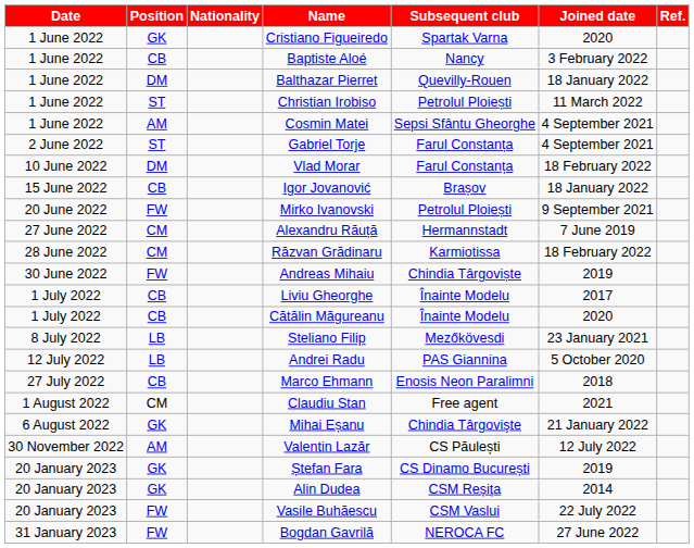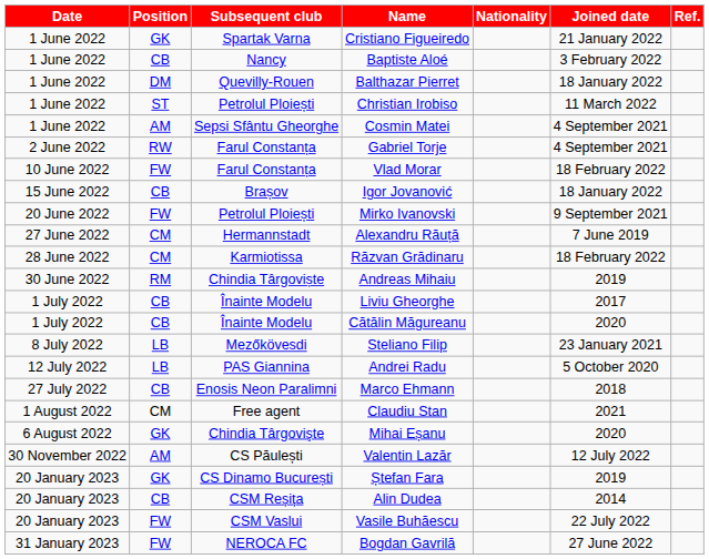 <table class="wikitable"  style="text-align:center; font-size:90%; ">
 <tr>
 <th style="background:red;color:white;">Date</th>
 <th style="background:red;color:white;">Position</th>
+<th style="background:red;color:white;">Subsequent club</th>
+<th style="background:red;color:white;">Name</th>
 <th style="background:red;color:white;">Nationality</th>
-<th style="background:red;color:white;">Name</th>
-<th style="background:red;color:white;">Subsequent club</th>
 <th style="background:red;color:white;">Joined date</th>
 <th style="background:red;color:white;">Ref.</th>
 </tr>
 <tr>
 <td>1 June 2022</td>
 <td><a href='#'>GK</a></td>
+<td><a href='#'>Spartak Varna</a></td>
+<td><a href='#'>Cristiano Figueiredo</a></td>
 <td></td>
-<td><a href='#'>Cristiano Figueiredo</a></td>
-<td><a href='#'>Spartak Varna</a></td>
-<td>2020</td>
+<td>21 January 2022</td>
 <td></td>
 </tr>
 <tr>
 <td>1 June 2022</td>
 <td><a href='#'>CB</a></td>
+<td><a href='#'>Nancy</a></td>
+<td><a href='#'>Baptiste Aloé</a></td>
 <td></td>
-<td><a href='#'>Baptiste Aloé</a></td>
-<td><a href='#'>Nancy</a></td>
 <td>3 February 2022</td>
 <td></td>
 </tr>
 <tr>
 <td>1 June 2022</td>
 <td><a href='#'>DM</a></td>
+<td><a href='#'>Quevilly-Rouen</a></td>
+<td><a href='#'>Balthazar Pierret</a></td>
 <td></td>
-<td><a href='#'>Balthazar Pierret</a></td>
-<td><a href='#'>Quevilly-Rouen</a></td>
 <td>18 January 2022</td>
 <td></td>
 </tr>
 <tr>
 <td>1 June 2022</td>
 <td><a href='#'>ST</a></td>
+<td><a href='#'>Petrolul Ploiești</a></td>
+<td><a href='#'>Christian Irobiso</a></td>
 <td></td>
-<td><a href='#'>Christian Irobiso</a></td>
-<td><a href='#'>Petrolul Ploiești</a></td>
 <td>11 March 2022</td>
 <td></td>
 </tr>
 <tr>
 <td>1 June 2022</td>
 <td><a href='#'>AM</a></td>
+<td><a href='#'>Sepsi Sfântu Gheorghe</a></td>
+<td><a href='#'>Cosmin Matei</a></td>
 <td></td>
-<td><a href='#'>Cosmin Matei</a></td>
-<td><a href='#'>Sepsi Sfântu Gheorghe</a></td>
 <td>4 September 2021</td>
 <td></td>
 </tr>
 <tr>
 <td>2 June 2022</td>
-<td><a href='#'>ST</a></td>
+<td><a href='#'>RW</a></td>
+<td><a href='#'>Farul Constanța</a></td>
+<td><a href='#'>Gabriel Torje</a></td>
 <td></td>
-<td><a href='#'>Gabriel Torje</a></td>
-<td><a href='#'>Farul Constanța</a></td>
 <td>4 September 2021</td>
 <td></td>
 </tr>
 <tr>
 <td>10 June 2022</td>
-<td><a href='#'>DM</a></td>
+<td><a href='#'>FW</a></td>
+<td><a href='#'>Farul Constanța</a></td>
+<td><a href='#'>Vlad Morar</a></td>
 <td></td>
-<td><a href='#'>Vlad Morar</a></td>
-<td><a href='#'>Farul Constanța</a></td>
 <td>18 February 2022</td>
 <td></td>
 </tr>
 <tr>
 <td>15 June 2022</td>
 <td><a href='#'>CB</a></td>
+<td><a href='#'>Brașov</a></td>
+<td><a href='#'>Igor Jovanović</a></td>
 <td></td>
-<td><a href='#'>Igor Jovanović</a></td>
-<td><a href='#'>Brașov</a></td>
 <td>18 January 2022</td>
 <td></td>
 </tr>
 <tr>
 <td>20 June 2022</td>
 <td><a href='#'>FW</a></td>
+<td><a href='#'>Petrolul Ploiești</a></td>
+<td><a href='#'>Mirko Ivanovski</a></td>
 <td></td>
-<td><a href='#'>Mirko Ivanovski</a></td>
-<td><a href='#'>Petrolul Ploiești</a></td>
 <td>9 September 2021</td>
 <td></td>
 </tr>
 <tr>
 <td>27 June 2022</td>
 <td><a href='#'>CM</a></td>
+<td><a href='#'>Hermannstadt</a></td>
+<td><a href='#'>Alexandru Răuță</a></td>
 <td></td>
-<td><a href='#'>Alexandru Răuță</a></td>
-<td><a href='#'>Hermannstadt</a></td>
 <td>7 June 2019</td>
 <td></td>
 </tr>
 <tr>
 <td>28 June 2022</td>
 <td><a href='#'>CM</a></td>
+<td><a href='#'>Karmiotissa</a></td>
+<td><a href='#'>Răzvan Grădinaru</a></td>
 <td></td>
-<td><a href='#'>Răzvan Grădinaru</a></td>
-<td><a href='#'>Karmiotissa</a></td>
 <td>18 February 2022</td>
 <td></td>
 </tr>
 <tr>
 <td>30 June 2022</td>
-<td><a href='#'>FW</a></td>
+<td><a href='#'>RM</a></td>
+<td><a href='#'>Chindia Târgoviște</a></td>
+<td><a href='#'>Andreas Mihaiu</a></td>
 <td></td>
-<td><a href='#'>Andreas Mihaiu</a></td>
-<td><a href='#'>Chindia Târgoviște</a></td>
 <td>2019</td>
 <td></td>
 </tr>
 <tr>
 <td>1 July 2022</td>
 <td><a href='#'>CB</a></td>
+<td><a href='#'>Înainte Modelu</a></td>
+<td><a href='#'>Liviu Gheorghe</a></td>
 <td></td>
-<td><a href='#'>Liviu Gheorghe</a></td>
-<td><a href='#'>Înainte Modelu</a></td>
 <td>2017</td>
 <td></td>
 </tr>
 <tr>
 <td>1 July 2022</td>
 <td><a href='#'>CB</a></td>
+<td><a href='#'>Înainte Modelu</a></td>
+<td><a href='#'>Cătălin Măgureanu</a></td>
 <td></td>
-<td><a href='#'>Cătălin Măgureanu</a></td>
-<td><a href='#'>Înainte Modelu</a></td>
 <td>2020</td>
 <td></td>
 </tr>
 <tr>
 <td>8 July 2022</td>
 <td><a href='#'>LB</a></td>
+<td><a href='#'>Mezőkövesdi</a></td>
+<td><a href='#'>Steliano Filip</a></td>
 <td></td>
-<td><a href='#'>Steliano Filip</a></td>
-<td><a href='#'>Mezőkövesdi</a></td>
 <td>23 January 2021</td>
 <td></td>
 </tr>
 <tr>
 <td>12 July 2022</td>
 <td><a href='#'>LB</a></td>
+<td><a href='#'>PAS Giannina</a></td>
+<td><a href='#'>Andrei Radu</a></td>
 <td></td>
-<td><a href='#'>Andrei Radu</a></td>
-<td><a href='#'>PAS Giannina</a></td>
 <td>5 October 2020</td>
 <td></td>
 </tr>
 <tr>
 <td>27 July 2022</td>
 <td><a href='#'>CB</a></td>
+<td><a href='#'>Enosis Neon Paralimni</a></td>
+<td><a href='#'>Marco Ehmann</a></td>
 <td></td>
-<td><a href='#'>Marco Ehmann</a></td>
-<td><a href='#'>Enosis Neon Paralimni</a></td>
 <td>2018</td>
 <td></td>
 </tr>
 <tr>
 <td>1 August 2022</td>
 <td>CM</td>
+<td>Free agent</td>
+<td><a href='#'>Claudiu Stan</a></td>
 <td></td>
-<td><a href='#'>Claudiu Stan</a></td>
-<td>Free agent</td>
 <td>2021</td>
 <td></td>
 </tr>
 <tr>
 <td>6 August 2022</td>
 <td><a href='#'>GK</a></td>
+<td><a href='#'>Chindia Târgovişte</a></td>
+<td><a href='#'>Mihai Eșanu</a></td>
 <td></td>
-<td><a href='#'>Mihai Eșanu</a></td>
-<td><a href='#'>Chindia Târgovişte</a></td>
-<td>21 January 2022</td>
+<td>2020</td>
 <td></td>
 </tr>
 <tr>
 <td>30 November 2022</td>
 <td><a href='#'>AM</a></td>
+<td>CS Păulești</td>
+<td><a href='#'>Valentin Lazăr</a></td>
 <td></td>
-<td><a href='#'>Valentin Lazăr</a></td>
-<td>CS Păulești</td>
 <td>12 July 2022</td>
 <td></td>
 </tr>
 <tr>
 <td>20 January 2023</td>
 <td><a href='#'>GK</a></td>
+<td><a href='#'>CS Dinamo București</a></td>
+<td><a href='#'>Ștefan Fara</a></td>
 <td></td>
-<td><a href='#'>Ștefan Fara</a></td>
-<td><a href='#'>CS Dinamo București</a></td>
 <td>2019</td>
 <td></td>
 </tr>
 <tr>
 <td>20 January 2023</td>
-<td><a href='#'>GK</a></td>
+<td><a href='#'>CB</a></td>
+<td><a href='#'>CSM Reșița</a></td>
+<td><a href='#'>Alin Dudea</a></td>
 <td></td>
-<td><a href='#'>Alin Dudea</a></td>
-<td><a href='#'>CSM Reșița</a></td>
 <td>2014</td>
 <td></td>
 </tr>
 <tr>
 <td>20 January 2023</td>
 <td><a href='#'>FW</a></td>
+<td><a href='#'>CSM Vaslui</a></td>
+<td><a href='#'>Vasile Buhăescu</a></td>
 <td></td>
-<td><a href='#'>Vasile Buhăescu</a></td>
-<td><a href='#'>CSM Vaslui</a></td>
 <td>22 July 2022</td>
 <td></td>
 </tr>
 <tr>
 <td>31 January 2023</td>
 <td><a href='#'>FW</a></td>
+<td><a href='#'>NEROCA FC</a></td>
+<td><a href='#'>Bogdan Gavrilă</a></td>
 <td></td>
-<td><a href='#'>Bogdan Gavrilă</a></td>
-<td><a href='#'>NEROCA FC</a></td>
 <td>27 June 2022</td>
 <td></td>
 </tr>
 </table>
